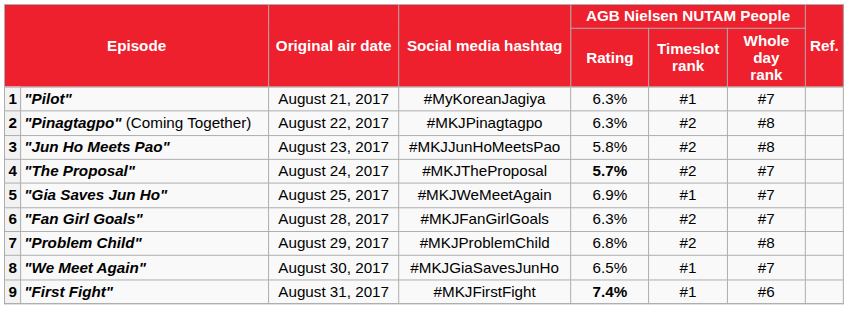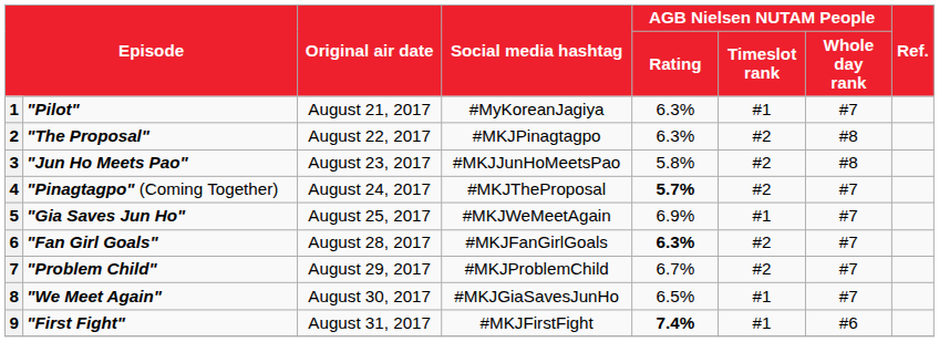 <table class="wikitable" style="text-align:center; font-size:100%; line-height:18px;"  width="100%">
 <tr>
 <th style="background-color:#ee202d; color:#ffffff;" colspan="2" rowspan="2">Episode</th>
 <th style="background:#ee202d; color:white" rowspan="2">Original air date</th>
 <th style="background:#ee202d; color:white" rowspan="2">Social media hashtag</th>
 <th style="background-color:#ee202d; color:#ffffff;" colspan="3">AGB Nielsen NUTAM People</th>
 <th style="background-color:#ee202d; color:#ffffff;" rowspan="2">Ref.</th>
 </tr>
 <tr>
 <th style="background-color:#ee202d; width:75px; color:#ffffff;">Rating</th>
 <th style="background-color:#ee202d; width:75px; color:#ffffff;">Timeslot<br>rank</th>
 <th style="background-color:#ee202d; width:75px; color:#ffffff;">Whole day<br>rank</th>
 </tr>
 <tr>
 <th>1</th>
 <td style="text-align: left;"><strong><em>"Pilot"</em></strong></td>
 <td>August 21, 2017</td>
 <td>#MyKoreanJagiya</td>
 <td>6.3%</td>
 <td>#1</td>
 <td>#7</td>
 <td></td>
 </tr>
 <tr>
 <th>2</th>
-<td style="text-align: left;"><strong><em>"Pinagtagpo"</em></strong> (Coming Together)</td>
+<td style="text-align: left;"><strong><em>"The Proposal"</em></strong></td>
 <td>August 22, 2017</td>
 <td>#MKJPinagtagpo</td>
 <td>6.3%</td>
 <td>#2</td>
 <td>#8</td>
 <td></td>
 </tr>
 <tr>
 <th>3</th>
 <td style="text-align: left;"><strong><em>"Jun Ho Meets Pao"</em></strong></td>
 <td>August 23, 2017</td>
 <td>#MKJJunHoMeetsPao</td>
 <td>5.8%</td>
 <td>#2</td>
 <td>#8</td>
 <td></td>
 </tr>
 <tr>
 <th>4</th>
-<td style="text-align: left;"><strong><em>"The Proposal"</em></strong></td>
+<td style="text-align: left;"><strong><em>"Pinagtagpo"</em></strong> (Coming Together)</td>
 <td>August 24, 2017</td>
 <td>#MKJTheProposal</td>
 <td><span><strong>5.7%</strong></span></td>
 <td>#2</td>
 <td>#7</td>
 <td></td>
 </tr>
 <tr>
 <th>5</th>
 <td style="text-align: left;"><strong><em>"Gia Saves Jun Ho"</em></strong></td>
 <td>August 25, 2017</td>
 <td>#MKJWeMeetAgain</td>
 <td>6.9%</td>
 <td>#1</td>
 <td>#7</td>
 <td></td>
 </tr>
 <tr>
 <th>6</th>
 <td style="text-align: left;"><strong><em>"Fan Girl Goals"</em></strong></td>
 <td>August 28, 2017</td>
 <td>#MKJFanGirlGoals</td>
-<td>6.3%</td>
+<td><strong>6.3%</strong></td>
 <td>#2</td>
 <td>#7</td>
 <td></td>
 </tr>
 <tr>
 <th>7</th>
 <td style="text-align: left;"><strong><em>"Problem Child"</em></strong></td>
 <td>August 29, 2017</td>
 <td>#MKJProblemChild</td>
-<td>6.8%</td>
+<td>6.7%</td>
 <td>#2</td>
-<td>#8</td>
+<td>#7</td>
 <td></td>
 </tr>
 <tr>
 <th>8</th>
 <td style="text-align: left;"><strong><em>"We Meet Again"</em></strong></td>
 <td>August 30, 2017</td>
 <td>#MKJGiaSavesJunHo</td>
 <td>6.5%</td>
 <td>#1</td>
 <td>#7</td>
 <td></td>
 </tr>
 <tr>
 <th>9</th>
 <td style="text-align: left;"><strong><em>"First Fight"</em></strong></td>
 <td>August 31, 2017</td>
 <td>#MKJFirstFight</td>
 <td><span><strong>7.4%</strong></span></td>
 <td>#1</td>
 <td>#6</td>
 <td></td>
 </tr>
 <tr>
 </tr>
 </table>
